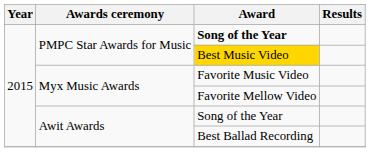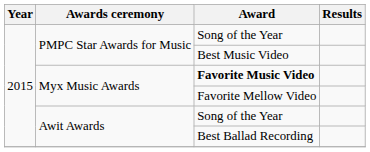 <table class="wikitable sortable">
 <tr>
 <th>Year</th>
 <th>Awards ceremony</th>
 <th>Award</th>
 <th>Results</th>
 </tr>
 <tr>
 <td rowspan="6">2015</td>
 <td rowspan="2">PMPC Star Awards for Music</td>
-<td><strong>Song of the Year</strong></td>
+<td>Song of the Year</td>
 <td></td>
 </tr>
 <tr>
-<td style="background: gold;">Best Music Video</td>
+<td>Best Music Video</td>
 <td></td>
 </tr>
 <tr>
 <td rowspan="2">Myx Music Awards</td>
-<td>Favorite Music Video</td>
+<td><strong>Favorite Music Video</strong></td>
 <td></td>
 </tr>
 <tr>
 <td>Favorite Mellow Video</td>
 <td></td>
 </tr>
 <tr>
 <td rowspan="2">Awit Awards</td>
 <td>Song of the Year</td>
 <td></td>
 </tr>
 <tr>
 <td>Best Ballad Recording</td>
 <td></td>
 </tr>
 <tr>
 </tr>
 </table>
